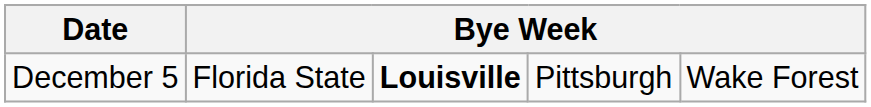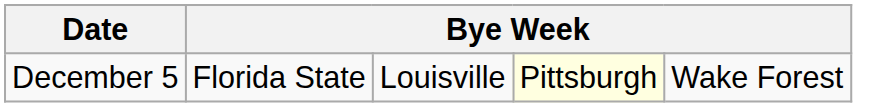 <table class="wikitable" style="font-size:95%;">
 <tr>
 <th>Date</th>
 <th colspan="5">Bye Week</th>
 </tr>
 <tr>
 <td>December 5</td>
 <td>Florida State</td>
-<td><strong>Louisville</strong></td>
-<td>Pittsburgh</td>
+<td>Louisville</td>
+<td style="background: lightyellow;">Pittsburgh</td>
 <td>Wake Forest</td>
 </tr>
 </table>
